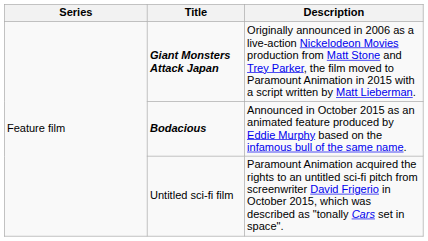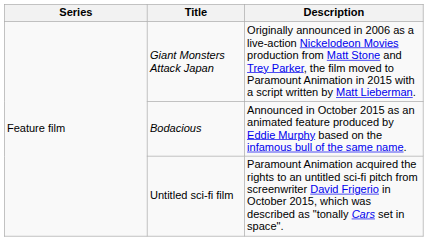 <table class="wikitable">
 <tr>
 <th style="width:150pt;">Series</th>
 <th style="width:100pt;">Title</th>
 <th>Description</th>
 </tr>
 <tr>
 <td rowspan="3">Feature film</td>
-<td><strong><em>Giant Monsters Attack Japan</em></strong></td>
+<td><em>Giant Monsters Attack Japan</em></td>
 <td>Originally announced in 2006 as a live-action <a href='#'>Nickelodeon Movies</a> production from <a href='#'>Matt Stone</a> and <a href='#'>Trey Parker</a>, the film moved to Paramount Animation in 2015 with a script written by <a href='#'>Matt Lieberman</a>.</td>
 </tr>
 <tr>
-<td><strong><em>Bodacious</em></strong></td>
+<td><em>Bodacious</em></td>
 <td>Announced in October 2015 as an animated feature produced by <a href='#'>Eddie Murphy</a> based on the <a href='#'>infamous bull of the same name</a>.</td>
 </tr>
 <tr>
 <td>Untitled sci-fi film</td>
 <td>Paramount Animation acquired the rights to an untitled sci-fi pitch from screenwriter <a href='#'>David Frigerio</a> in October 2015, which was described as "tonally <em><a href='#'>Cars</a></em> set in space".</td>
 </tr>
 </table>
